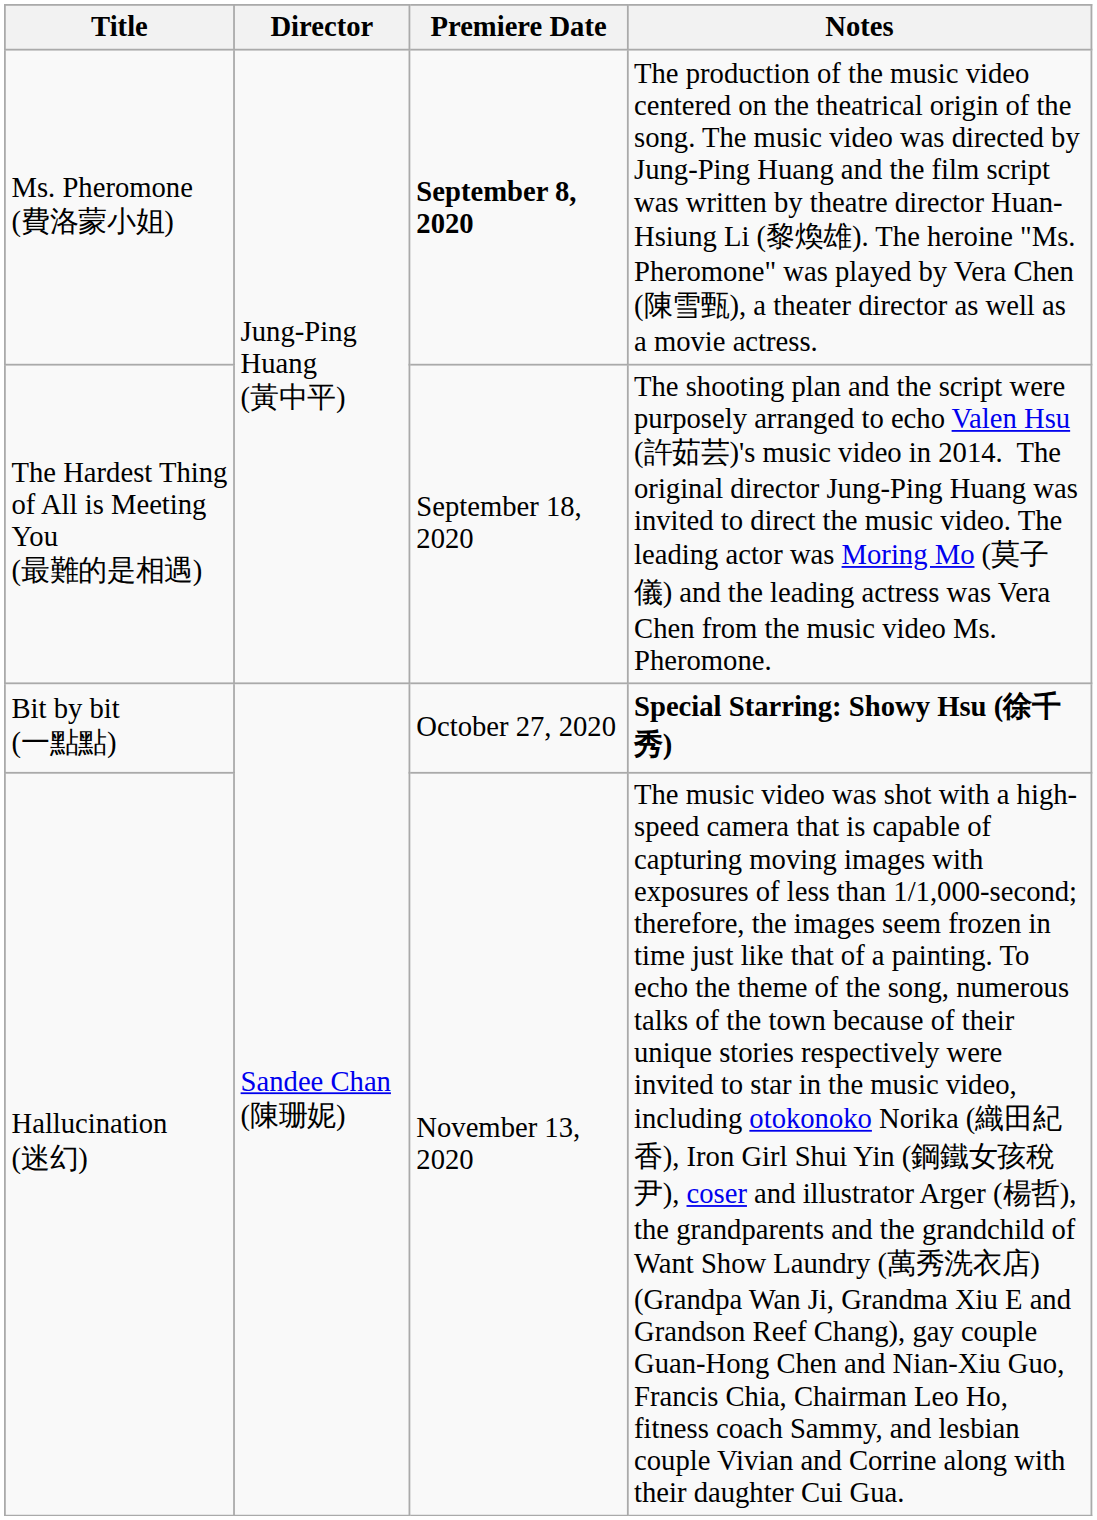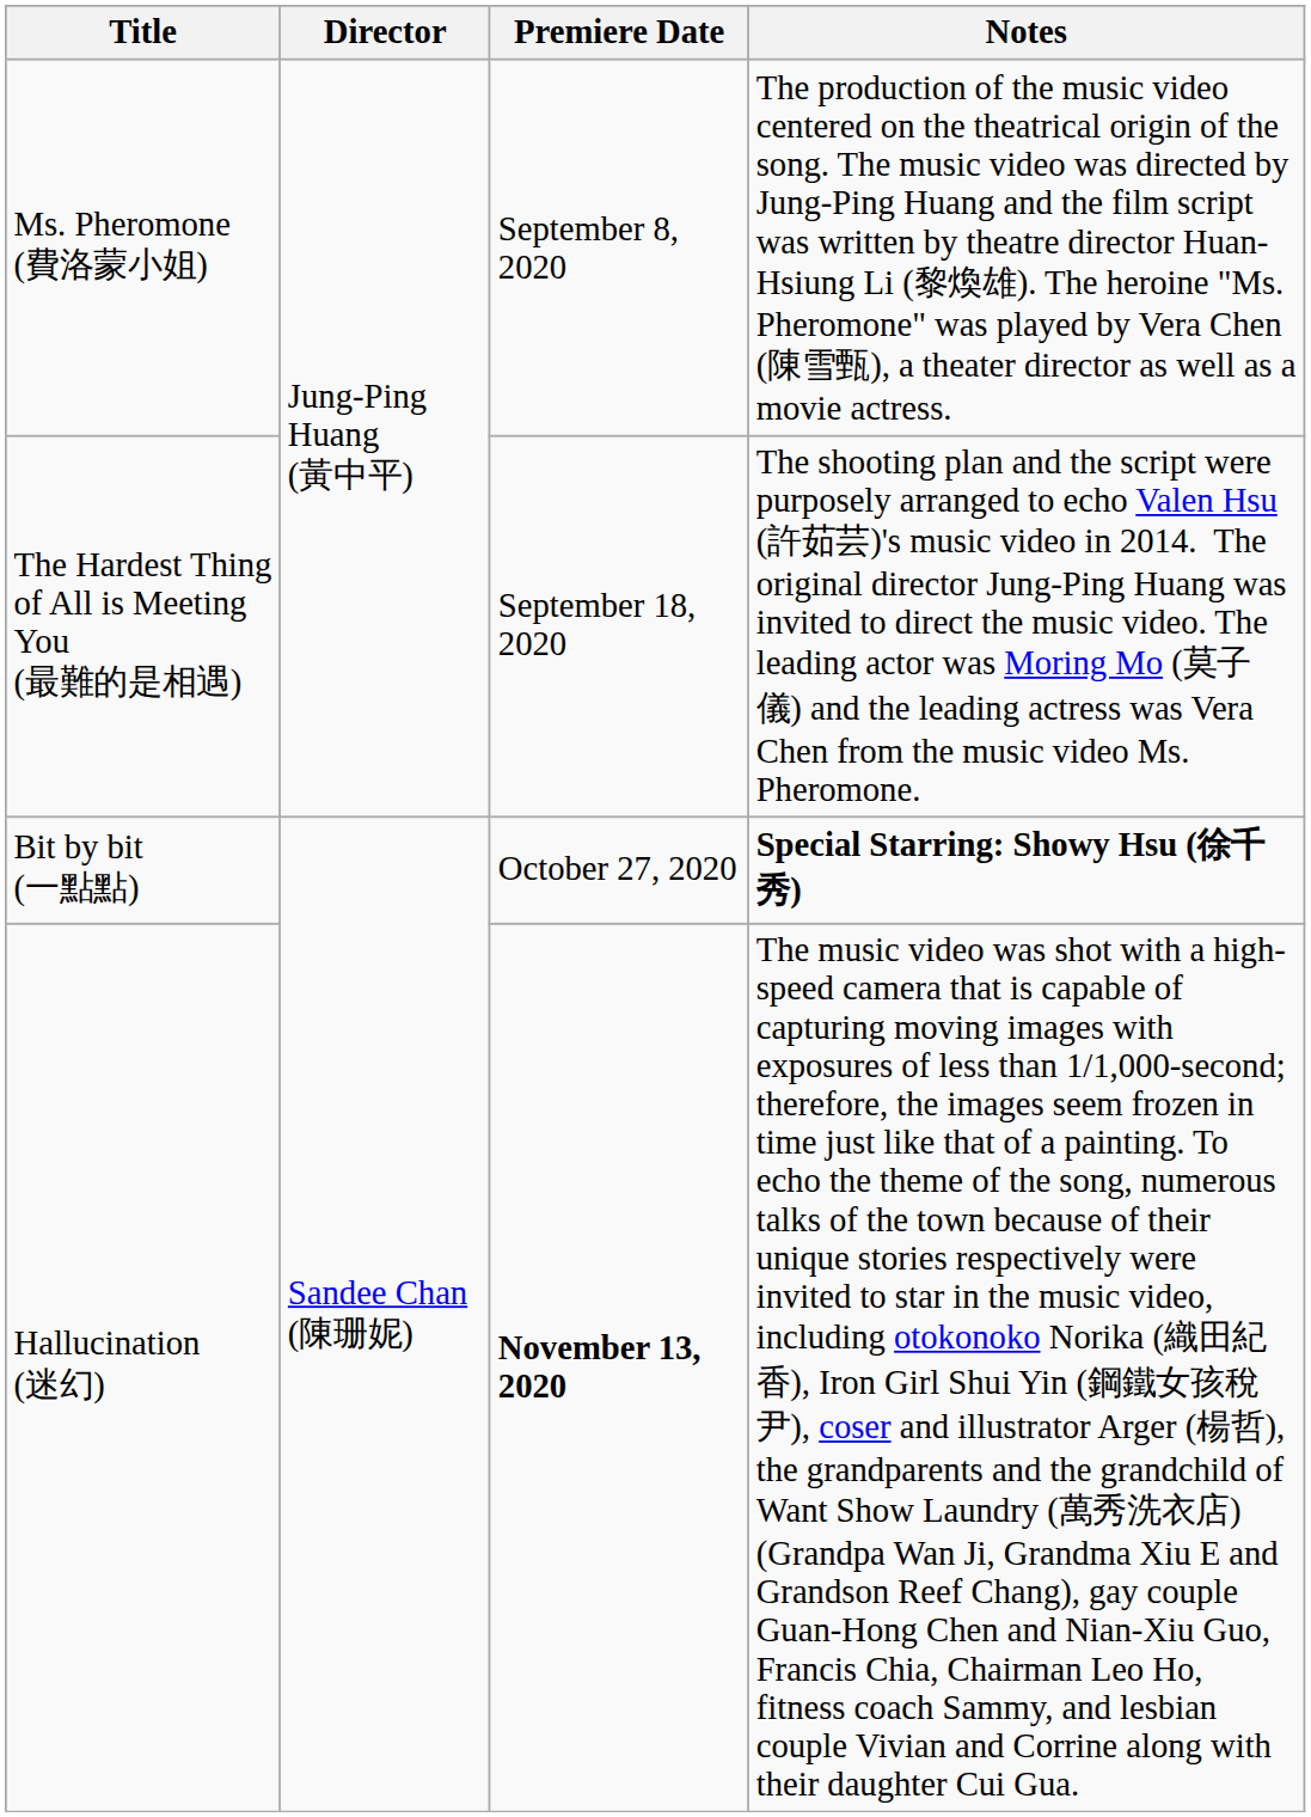 <table class="wikitable">
 <tr>
 <th style="width:150px">Title</th>
 <th style="width:120px">Director</th>
 <th style="width:150px">Premiere Date</th>
 <th style="width:400px">Notes</th>
 </tr>
 <tr>
 <td>Ms. Pheromone<br>(費洛蒙小姐)</td>
 <td rowspan="2">Jung-Ping Huang<br>(黃中平)</td>
-<td><strong>September 8, 2020</strong></td>
+<td>September 8, 2020</td>
 <td>The production of the music video centered on the theatrical origin of the song. The music video was directed by Jung-Ping Huang and the film script was written by theatre director Huan-Hsiung Li (黎煥雄). The heroine "Ms. Pheromone" was played by Vera Chen (陳雪甄), a theater director as well as a movie actress.</td>
 </tr>
 <tr>
 <td>The Hardest Thing of All is Meeting You<br>(最難的是相遇)</td>
 <td>September 18, 2020</td>
 <td>The shooting plan and the script were purposely arranged to echo <a href='#'>Valen Hsu</a> (許茹芸)'s music video in 2014.  The original director Jung-Ping Huang was invited to direct the music video. The leading actor was <a href='#'>Moring Mo</a> (莫子儀) and the leading actress was Vera Chen from the music video Ms. Pheromone. </td>
 </tr>
 <tr>
 <td>Bit by bit<br>(一點點)</td>
 <td rowspan="2"><a href='#'>Sandee Chan</a><br>(陳珊妮)</td>
 <td>October 27, 2020</td>
 <td><strong>Special Starring: Showy Hsu (徐千秀)</strong></td>
 </tr>
 <tr>
 <td>Hallucination<br>(迷幻)</td>
-<td>November 13, 2020</td>
+<td><strong>November 13, 2020</strong></td>
 <td>The music video was shot with a high-speed camera that is capable of capturing moving images with exposures of less than 1/1,000-second; therefore, the images seem frozen in time just like that of a painting. To echo the theme of the song, numerous talks of the town because of their unique stories respectively were invited to star in the music video, including <a href='#'>otokonoko</a> Norika (織田紀香), Iron Girl Shui Yin (鋼鐵女孩稅尹), <a href='#'>coser</a> and illustrator Arger (楊哲), the grandparents and the grandchild of Want Show Laundry (萬秀洗衣店)(Grandpa Wan Ji, Grandma Xiu E and Grandson Reef Chang), gay couple Guan-Hong Chen and Nian-Xiu Guo, Francis Chia, Chairman Leo Ho, fitness coach Sammy, and lesbian couple Vivian and Corrine along with their daughter Cui Gua.</td>
 </tr>
 </table>
